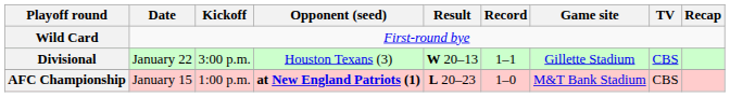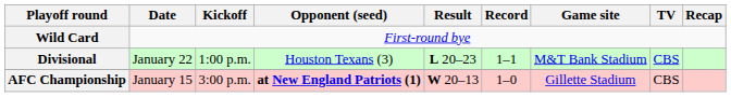 <table class="wikitable" align="center" style="font-size: 100%">
 <tr>
 <th>Playoff round</th>
 <th>Date</th>
 <th>Kickoff</th>
 <th>Opponent (seed)</th>
 <th>Result</th>
 <th>Record</th>
 <th>Game site</th>
 <th>TV</th>
 <th>Recap</th>
 </tr>
 <tr>
 <th>Wild Card</th>
 <td colspan="9" align="center"><em><a href='#'>First-round bye</a></em></td>
 </tr>
 <tr style="background:#cfc">
 <th>Divisional</th>
 <td style="text-align:center;">January 22</td>
-<td style="text-align:center;">3:00 p.m.</td>
+<td style="text-align:center;">1:00 p.m.</td>
 <td style="text-align:center;"><a href='#'>Houston Texans</a> (3)</td>
-<td style="text-align:center;"><strong>W</strong> 20–13</td>
+<td style="text-align:center;"><strong>L</strong> 20–23</td>
 <td style="text-align:center;">1–1</td>
-<td style="text-align:center;"><a href='#'>Gillette Stadium</a></td>
+<td style="text-align:center;"><a href='#'>M&T Bank Stadium</a></td>
 <td style="text-align:center;"><a href='#'>CBS</a></td>
 <td style="text-align:center;"></td>
 </tr>
 <tr>
 </tr>
 <tr style="background:#fcc">
 <th>AFC Championship</th>
 <td style="text-align:center;">January 15</td>
-<td style="text-align:center;">1:00 p.m.</td>
+<td style="text-align:center;">3:00 p.m.</td>
 <td style="text-align:center;"><strong>at <a href='#'>New England Patriots</a> (1)</strong></td>
-<td style="text-align:center;"><strong>L</strong> 20–23</td>
+<td style="text-align:center;"><strong>W</strong> 20–13</td>
 <td style="text-align:center;">1–0</td>
-<td style="text-align:center;"><a href='#'>M&T Bank Stadium</a></td>
+<td style="text-align:center;"><a href='#'>Gillette Stadium</a></td>
 <td style="text-align:center;">CBS</td>
 <td style="text-align:center;"></td>
 </tr>
 </table>
